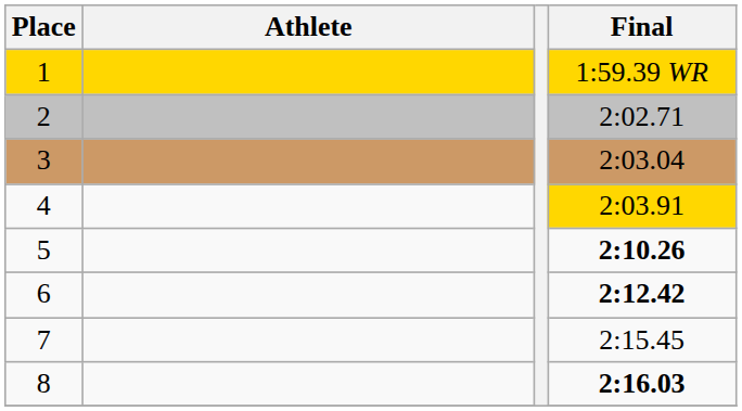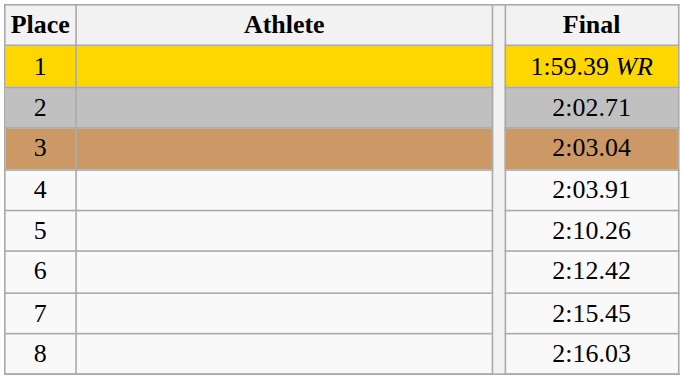 <table class="wikitable" style="text-align:center">
 <tr>
 <th>Place</th>
 <th width=250>Athlete</th>
 <th rowspan=10></th>
 <th width=100>Final</th>
 </tr>
 <tr bgcolor=gold>
 <td>1</td>
 <td align=left></td>
 <td>1:59.39 <em>WR</em></td>
 </tr>
 <tr bgcolor=silver>
 <td>2</td>
 <td align=left></td>
 <td>2:02.71</td>
 </tr>
 <tr bgcolor=cc9966>
 <td>3</td>
 <td align=left></td>
 <td>2:03.04</td>
 </tr>
 <tr>
 <td>4</td>
 <td align=left></td>
-<td style="background: gold;">2:03.91</td>
+<td>2:03.91</td>
 </tr>
 <tr>
 <td>5</td>
 <td align=left></td>
-<td><strong>2:10.26</strong></td>
+<td>2:10.26</td>
 </tr>
 <tr>
 <td>6</td>
 <td align=left></td>
-<td><strong>2:12.42</strong></td>
+<td>2:12.42</td>
 </tr>
 <tr>
 <td>7</td>
 <td align=left></td>
 <td>2:15.45</td>
 </tr>
 <tr>
 <td>8</td>
 <td align=left></td>
-<td><strong>2:16.03</strong></td>
+<td>2:16.03</td>
 </tr>
 <tr>
 </tr>
 </table>
